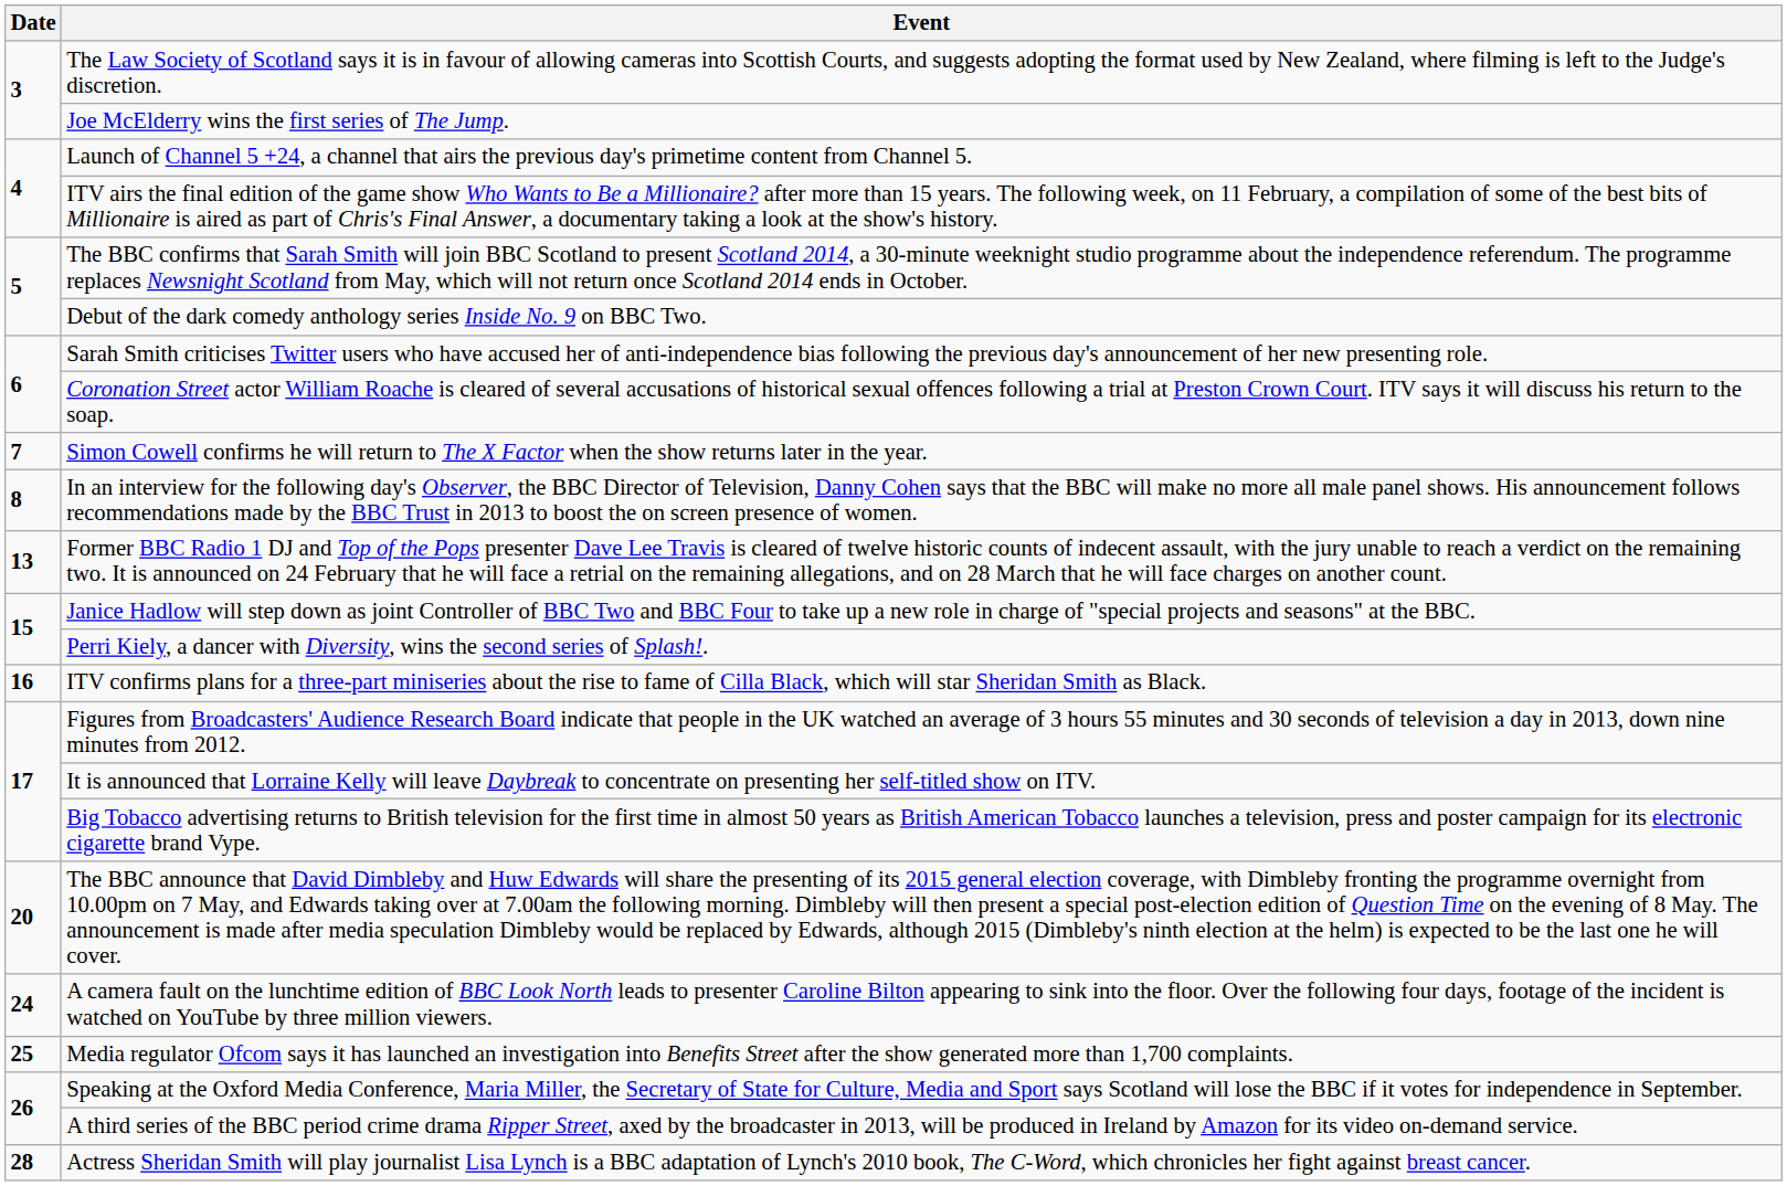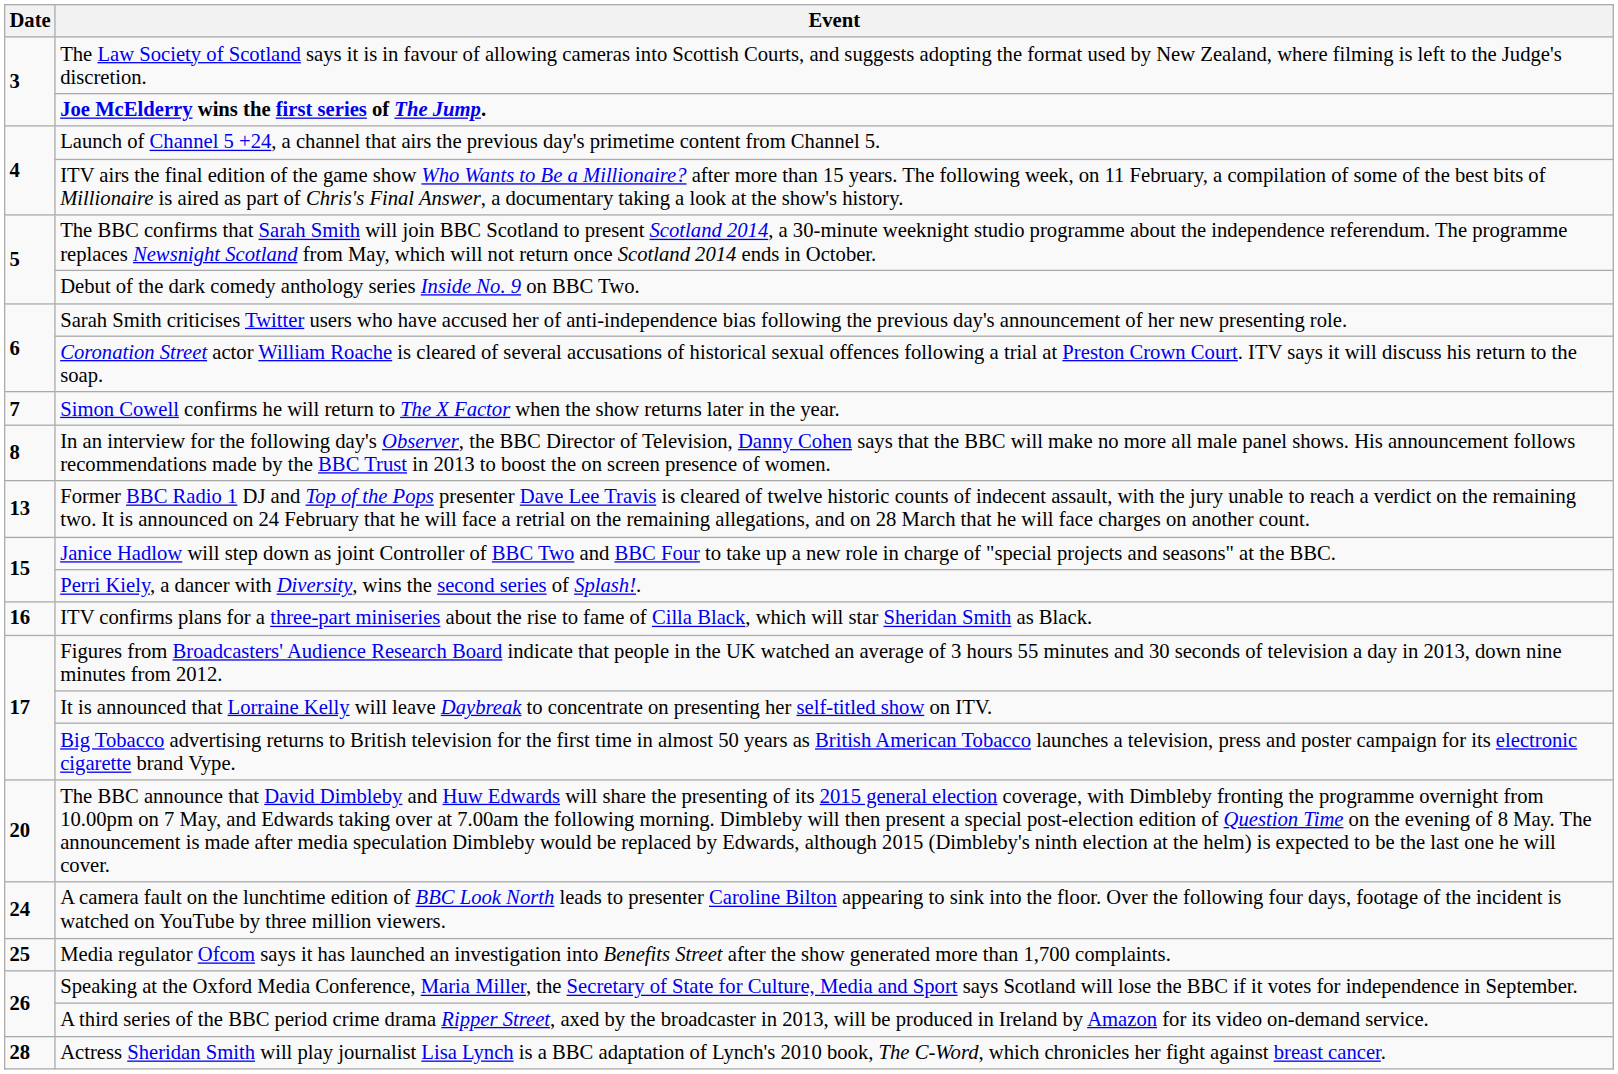 <table class="wikitable">
 <tr>
 <th>Date</th>
 <th>Event</th>
 </tr>
 <tr>
 <td rowspan=2><strong>3</strong></td>
 <td>The <a href='#'>Law Society of Scotland</a> says it is in favour of allowing cameras into Scottish Courts, and suggests adopting the format used by New Zealand, where filming is left to the Judge's discretion.</td>
 </tr>
 <tr>
-<td><a href='#'>Joe McElderry</a> wins the <a href='#'>first series</a> of <em><a href='#'>The Jump</a></em>.</td>
+<td><strong><a href='#'>Joe McElderry</a> wins the <a href='#'>first series</a> of <em><a href='#'>The Jump</a></em>.</strong></td>
 </tr>
 <tr>
 <td rowspan=2><strong>4</strong></td>
 <td>Launch of <a href='#'>Channel 5 +24</a>, a channel that airs the previous day's primetime content from Channel 5.</td>
 </tr>
 <tr>
 <td>ITV airs the final edition of the game show <em><a href='#'>Who Wants to Be a Millionaire?</a></em> after more than 15 years. The following week, on 11 February, a compilation of some of the best bits of <em>Millionaire</em> is aired as part of <em>Chris's Final Answer</em>, a documentary taking a look at the show's history.</td>
 </tr>
 <tr>
 <td rowspan=2><strong>5</strong></td>
 <td>The BBC confirms that <a href='#'>Sarah Smith</a> will join BBC Scotland to present <em><a href='#'>Scotland 2014</a></em>, a 30-minute weeknight studio programme about the independence referendum. The programme replaces <em><a href='#'>Newsnight Scotland</a></em> from May, which will not return once <em>Scotland 2014</em> ends in October.</td>
 </tr>
 <tr>
 <td>Debut of the dark comedy anthology series <em><a href='#'>Inside No. 9</a></em> on BBC Two.</td>
 </tr>
 <tr>
 <td rowspan=2><strong>6</strong></td>
 <td>Sarah Smith criticises <a href='#'>Twitter</a> users who have accused her of anti-independence bias following the previous day's announcement of her new presenting role.</td>
 </tr>
 <tr>
 <td><em><a href='#'>Coronation Street</a></em> actor <a href='#'>William Roache</a> is cleared of several accusations of historical sexual offences following a trial at <a href='#'>Preston Crown Court</a>. ITV says it will discuss his return to the soap.</td>
 </tr>
 <tr>
 <td><strong>7</strong></td>
 <td><a href='#'>Simon Cowell</a> confirms he will return to <em><a href='#'>The X Factor</a></em> when the show returns later in the year.</td>
 </tr>
 <tr>
 <td><strong>8</strong></td>
 <td>In an interview for the following day's <em><a href='#'>Observer</a></em>, the BBC Director of Television, <a href='#'>Danny Cohen</a> says that the BBC will make no more all male panel shows. His announcement follows recommendations made by the <a href='#'>BBC Trust</a> in 2013 to boost the on screen presence of women.</td>
 </tr>
 <tr>
 <td><strong>13</strong></td>
 <td>Former <a href='#'>BBC Radio 1</a> DJ and <em><a href='#'>Top of the Pops</a></em> presenter <a href='#'>Dave Lee Travis</a> is cleared of twelve historic counts of indecent assault, with the jury unable to reach a verdict on the remaining two. It is announced on 24 February that he will face a retrial on the remaining allegations, and on 28 March that he will face charges on another count.</td>
 </tr>
 <tr>
 <td rowspan=2><strong>15</strong></td>
 <td><a href='#'>Janice Hadlow</a> will step down as joint Controller of <a href='#'>BBC Two</a> and <a href='#'>BBC Four</a> to take up a new role in charge of "special projects and seasons" at the BBC.</td>
 </tr>
 <tr>
 <td><a href='#'>Perri Kiely</a>, a dancer with <em><a href='#'>Diversity</a></em>, wins the <a href='#'>second series</a> of <em><a href='#'>Splash!</a></em>.</td>
 </tr>
 <tr>
 <td><strong>16</strong></td>
 <td>ITV confirms plans for a <a href='#'>three-part miniseries</a> about the rise to fame of <a href='#'>Cilla Black</a>, which will star <a href='#'>Sheridan Smith</a> as Black.</td>
 </tr>
 <tr>
 <td rowspan=3><strong>17</strong></td>
 <td>Figures from <a href='#'>Broadcasters' Audience Research Board</a> indicate that people in the UK watched an average of 3 hours 55 minutes and 30 seconds of television a day in 2013, down nine minutes from 2012.</td>
 </tr>
 <tr>
 <td>It is announced that <a href='#'>Lorraine Kelly</a> will leave <em><a href='#'>Daybreak</a></em> to concentrate on presenting her <a href='#'>self-titled show</a> on ITV.</td>
 </tr>
 <tr>
 <td><a href='#'>Big Tobacco</a> advertising returns to British television for the first time in almost 50 years as <a href='#'>British American Tobacco</a> launches a television, press and poster campaign for its <a href='#'>electronic cigarette</a> brand Vype.</td>
 </tr>
 <tr>
 <td><strong>20</strong></td>
 <td>The BBC announce that <a href='#'>David Dimbleby</a> and <a href='#'>Huw Edwards</a> will share the presenting of its <a href='#'>2015 general election</a> coverage, with Dimbleby fronting the programme overnight from 10.00pm on 7 May, and Edwards taking over at 7.00am the following morning. Dimbleby will then present a special post-election edition of <em><a href='#'>Question Time</a></em> on the evening of 8 May. The announcement is made after media speculation Dimbleby would be replaced by Edwards, although 2015 (Dimbleby's ninth election at the helm) is expected to be the last one he will cover.</td>
 </tr>
 <tr>
 <td><strong>24</strong></td>
 <td>A camera fault on the lunchtime edition of <em><a href='#'>BBC Look North</a></em> leads to presenter <a href='#'>Caroline Bilton</a> appearing to sink into the floor. Over the following four days, footage of the incident is watched on YouTube by three million viewers.</td>
 </tr>
 <tr>
 <td><strong>25</strong></td>
 <td>Media regulator <a href='#'>Ofcom</a> says it has launched an investigation into <em>Benefits Street</em> after the show generated more than 1,700 complaints.</td>
 </tr>
 <tr>
 <td rowspan=2><strong>26</strong></td>
 <td>Speaking at the Oxford Media Conference, <a href='#'>Maria Miller</a>, the <a href='#'>Secretary of State for Culture, Media and Sport</a> says Scotland will lose the BBC if it votes for independence in September.</td>
 </tr>
 <tr>
 <td>A third series of the BBC period crime drama <em><a href='#'>Ripper Street</a></em>, axed by the broadcaster in 2013, will be produced in Ireland by <a href='#'>Amazon</a> for its video on-demand service.</td>
 </tr>
 <tr>
 <td><strong>28</strong></td>
 <td>Actress <a href='#'>Sheridan Smith</a> will play journalist <a href='#'>Lisa Lynch</a> is a BBC adaptation of Lynch's 2010 book, <em>The C-Word</em>, which chronicles her fight against <a href='#'>breast cancer</a>.</td>
 </tr>
 </table>
